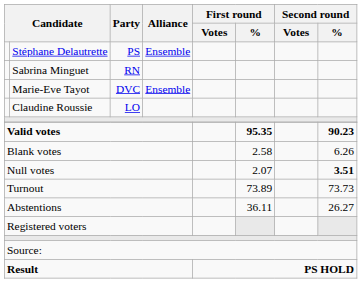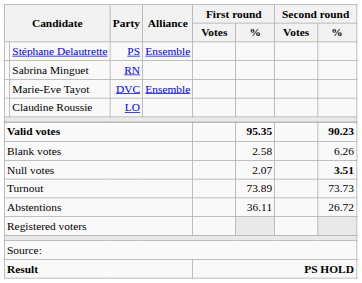 <table class="wikitable" style="text-align:right;font-size:95%;">
 <tr>
 <th colspan="2" rowspan="2">Candidate</th>
 <th colspan="1" rowspan="2">Party</th>
 <th colspan="1" rowspan="2">Alliance</th>
 <th colspan="2">First round</th>
 <th colspan="2">Second round</th>
 </tr>
 <tr>
 <th style="width:50px;">Votes</th>
 <th style="width:45px;">%</th>
 <th style="width:50px;">Votes</th>
 <th style="width:45px;">%</th>
 </tr>
 <tr>
 <td style="color:inherit;background:"></td>
 <td style="text-align:left;"><a href='#'>Stéphane Delautrette</a></td>
 <td><a href='#'>PS</a></td>
 <td><a href='#'>Ensemble</a></td>
 <td></td>
 <td></td>
 <td><strong></strong></td>
 <td><strong></strong></td>
 </tr>
 <tr>
 <td style="color:inherit;background:"></td>
 <td style="text-align:left;">Sabrina Minguet</td>
 <td><a href='#'>RN</a></td>
 <td></td>
 <td></td>
 <td></td>
 <td></td>
 <td></td>
 </tr>
 <tr>
 <td style="color:inherit;background:"></td>
 <td style="text-align:left;">Marie-Eve Tayot</td>
 <td><a href='#'>DVC</a></td>
 <td><a href='#'>Ensemble</a></td>
 <td></td>
 <td></td>
 <td></td>
 <td></td>
 </tr>
 <tr>
 <td style="color:inherit;background:"></td>
 <td style="text-align:left;">Claudine Roussie</td>
 <td><a href='#'>LO</a></td>
 <td></td>
 <td></td>
 <td></td>
 <td></td>
 <td></td>
 </tr>
 <tr>
 <td colspan="8" style="background:#E9E9E9;"></td>
 </tr>
 <tr>
 </tr>
 <tr style="font-weight:bold;">
 <td colspan="4" style="text-align:left;">Valid votes</td>
 <td></td>
 <td>95.35</td>
 <td></td>
 <td>90.23</td>
 </tr>
 <tr>
 <td colspan="4" style="text-align:left;">Blank votes</td>
 <td></td>
 <td>2.58</td>
 <td></td>
 <td>6.26</td>
 </tr>
 <tr>
 <td colspan="4" style="text-align:left;">Null votes</td>
 <td></td>
 <td>2.07</td>
 <td></td>
 <td><strong>3.51</strong></td>
 </tr>
 <tr>
 <td colspan="4" style="text-align:left;">Turnout</td>
 <td></td>
 <td>73.89</td>
 <td></td>
 <td>73.73</td>
 </tr>
 <tr>
 <td colspan="4" style="text-align:left;">Abstentions</td>
 <td></td>
 <td>36.11</td>
 <td></td>
-<td>26.27</td>
+<td>26.72</td>
 </tr>
 <tr>
 <td colspan="4" style="text-align:left;">Registered voters</td>
 <td></td>
 <td style="background:#E9E9E9;"></td>
 <td></td>
 <td style="background:#E9E9E9;"></td>
 </tr>
 <tr>
 <td colspan="8" style="background:#E9E9E9;"></td>
 </tr>
 <tr>
 <td colspan="8" style="text-align:left;">Source: </td>
 </tr>
 <tr style="font-weight:bold">
 <td colspan="4" style="text-align:left;">Result</td>
 <td colspan="4" style="background-color:">PS HOLD</td>
 </tr>
 </table>
